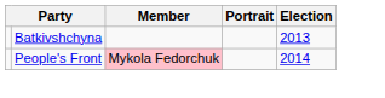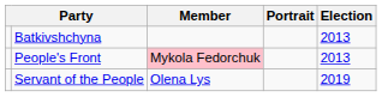 <table class="wikitable">
 <tr>
 <th colspan="2">Party</th>
 <th>Member</th>
 <th>Portrait</th>
 <th>Election</th>
 </tr>
 <tr>
 <td style="background-color:"></td>
 <td><a href='#'>Batkivshchyna</a></td>
 <td></td>
 <td></td>
 <td><a href='#'>2013</a></td>
 </tr>
 <tr>
 <td style="background-color:"></td>
 <td><a href='#'>People's Front</a></td>
 <td style="background: pink;">Mykola Fedorchuk</td>
 <td></td>
-<td><a href='#'>2014</a></td>
+<td><a href='#'>2013</a></td>
+</tr>
+<tr>
+<td style="background-color:"></td>
+<td><a href='#'>Servant of the People</a></td>
+<td><a href='#'>Olena Lys</a></td>
+<td></td>
+<td><a href='#'>2019</a></td>
 </tr>
 </table>
